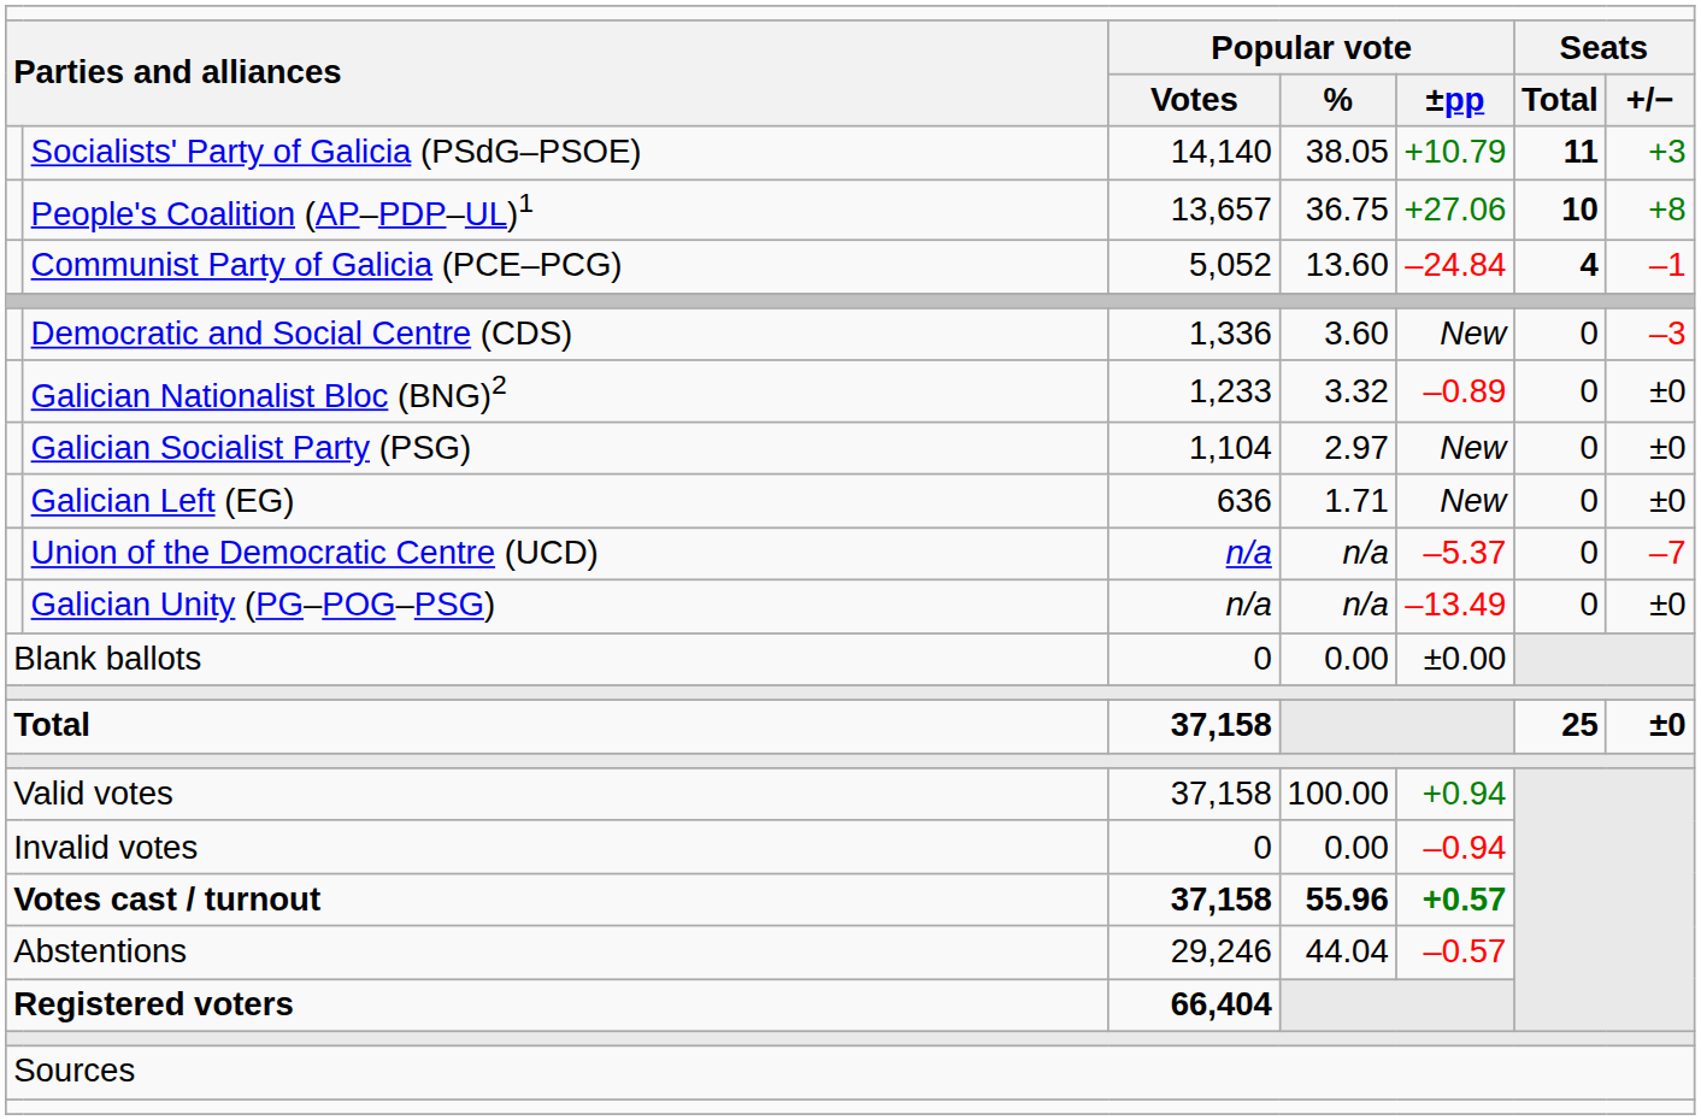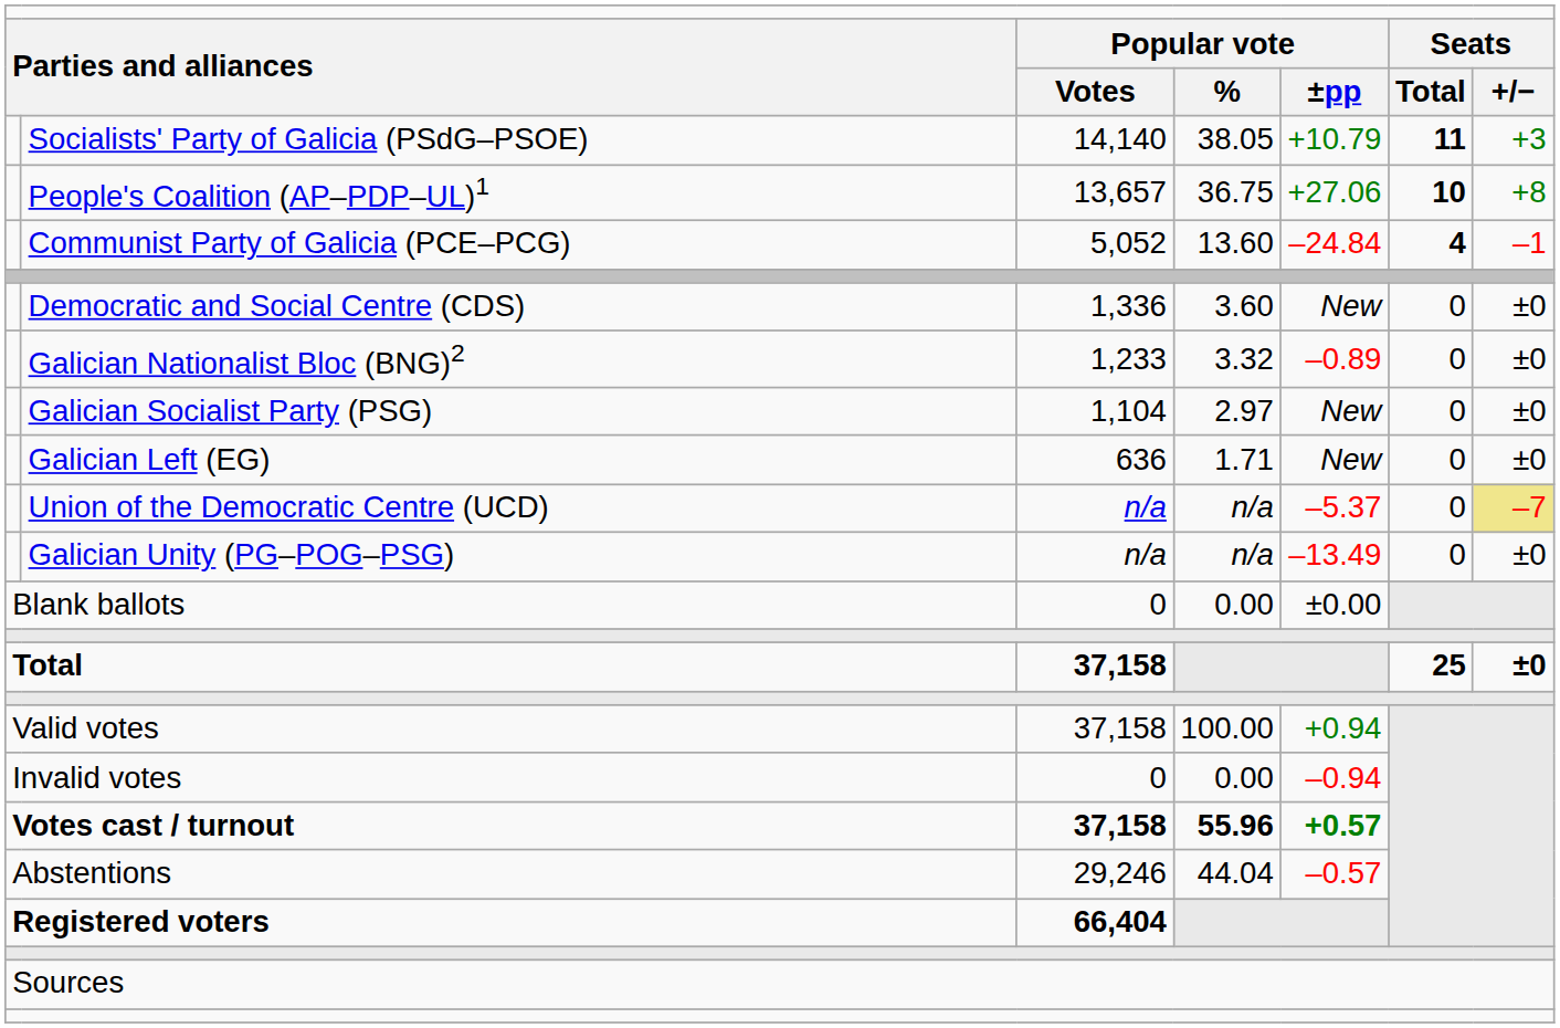 <table class="wikitable" style="text-align:right;">
 <tr>
 <td colspan="7"></td>
 </tr>
 <tr>
 <th style="text-align:left;" rowspan="2" colspan="2" width="525">Parties and alliances</th>
 <th colspan="3">Popular vote</th>
 <th colspan="2">Seats</th>
 </tr>
 <tr>
 <th width="75">Votes</th>
 <th width="45">%</th>
 <th width="45">±<a href='#'>pp</a></th>
 <th width="35">Total</th>
 <th width="35">+/−</th>
 </tr>
 <tr>
 <td width="1" style="color:inherit;background:"></td>
 <td align="left"><a href='#'>Socialists' Party of Galicia</a> (PSdG–PSOE)</td>
 <td>14,140</td>
 <td>38.05</td>
 <td style="color:green;">+10.79</td>
 <td><strong>11</strong></td>
 <td style="color:green;">+3</td>
 </tr>
 <tr>
 <td style="color:inherit;background:"></td>
 <td align="left"><a href='#'>People's Coalition</a> (<a href='#'>AP</a>–<a href='#'>PDP</a>–<a href='#'>UL</a>)<sup>1</sup></td>
 <td>13,657</td>
 <td>36.75</td>
 <td style="color:green;">+27.06</td>
 <td><strong>10</strong></td>
 <td style="color:green;">+8</td>
 </tr>
 <tr>
 <td style="color:inherit;background:"></td>
 <td align="left"><a href='#'>Communist Party of Galicia</a> (PCE–PCG)</td>
 <td>5,052</td>
 <td>13.60</td>
 <td style="color:red;">–24.84</td>
 <td><strong>4</strong></td>
 <td style="color:red;">–1</td>
 </tr>
 <tr>
 <td colspan="7" bgcolor="#C0C0C0"></td>
 </tr>
 <tr>
 <td style="color:inherit;background:"></td>
 <td align="left"><a href='#'>Democratic and Social Centre</a> (CDS)</td>
 <td>1,336</td>
 <td>3.60</td>
 <td><em>New</em></td>
 <td>0</td>
-<td style="color:red;">–3</td>
+<td>±0</td>
 </tr>
 <tr>
 <td style="color:inherit;background:"></td>
 <td align="left"><a href='#'>Galician Nationalist Bloc</a> (BNG)<sup>2</sup></td>
 <td>1,233</td>
 <td>3.32</td>
 <td style="color:red;">–0.89</td>
 <td>0</td>
 <td>±0</td>
 </tr>
 <tr>
 <td style="color:inherit;background:"></td>
 <td align="left"><a href='#'>Galician Socialist Party</a> (PSG)</td>
 <td>1,104</td>
 <td>2.97</td>
 <td><em>New</em></td>
 <td>0</td>
 <td>±0</td>
 </tr>
 <tr>
 <td style="color:inherit;background:"></td>
 <td align="left"><a href='#'>Galician Left</a> (EG)</td>
 <td>636</td>
 <td>1.71</td>
 <td><em>New</em></td>
 <td>0</td>
 <td>±0</td>
 </tr>
 <tr>
 <td style="color:inherit;background:"></td>
 <td align="left"><a href='#'>Union of the Democratic Centre</a> (UCD)</td>
 <td><em><a href='#'>n/a</a></em></td>
 <td><em>n/a</em></td>
 <td style="color:red;">–5.37</td>
 <td>0</td>
-<td style="color:red;">–7</td>
+<td style="background: khaki; color:red;">–7</td>
 </tr>
 <tr>
 <td style="color:inherit;background:"></td>
 <td align="left"><a href='#'>Galician Unity</a> (<a href='#'>PG</a>–<a href='#'>POG</a>–<a href='#'>PSG</a>)</td>
 <td><em>n/a</em></td>
 <td><em>n/a</em></td>
 <td style="color:red;">–13.49</td>
 <td>0</td>
 <td>±0</td>
 </tr>
 <tr>
 <td align="left" colspan="2">Blank ballots</td>
 <td>0</td>
 <td>0.00</td>
 <td>±0.00</td>
 <td bgcolor="#E9E9E9" colspan="2"></td>
 </tr>
 <tr>
 <td colspan="7" bgcolor="#E9E9E9"></td>
 </tr>
 <tr style="font-weight:bold;">
 <td align="left" colspan="2">Total</td>
 <td>37,158</td>
 <td bgcolor="#E9E9E9" colspan="2"></td>
 <td>25</td>
 <td>±0</td>
 </tr>
 <tr>
 <td colspan="7" bgcolor="#E9E9E9"></td>
 </tr>
 <tr>
 <td align="left" colspan="2">Valid votes</td>
 <td>37,158</td>
 <td>100.00</td>
 <td style="color:green;">+0.94</td>
 <td bgcolor="#E9E9E9" colspan="2" rowspan="5"></td>
 </tr>
 <tr>
 <td align="left" colspan="2">Invalid votes</td>
 <td>0</td>
 <td>0.00</td>
 <td style="color:red;">–0.94</td>
 </tr>
 <tr style="font-weight:bold;">
 <td align="left" colspan="2">Votes cast / turnout</td>
 <td>37,158</td>
 <td>55.96</td>
 <td style="color:green;">+0.57</td>
 </tr>
 <tr>
 <td align="left" colspan="2">Abstentions</td>
 <td>29,246</td>
 <td>44.04</td>
 <td style="color:red;">–0.57</td>
 </tr>
 <tr style="font-weight:bold;">
 <td align="left" colspan="2">Registered voters</td>
 <td>66,404</td>
 <td bgcolor="#E9E9E9" colspan="2"></td>
 </tr>
 <tr>
 <td colspan="7" bgcolor="#E9E9E9"></td>
 </tr>
 <tr>
 <td align="left" colspan="7">Sources</td>
 </tr>
 <tr>
 <td colspan="7" style="text-align:left; max-width:790px;"></td>
 </tr>
 </table>
